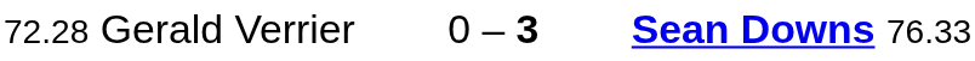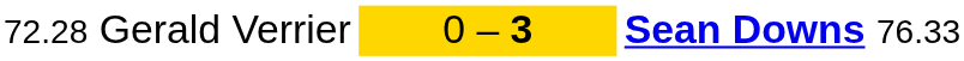 <table style="text-align:center">
 <tr>
 <th width=223></th>
 <th width=100></th>
 <th width=223></th>
 </tr>
 <tr>
 <td align=right><small>72.28</small> Gerald Verrier </td>
-<td>0 – <strong>3</strong></td>
+<td style="background: gold;">0 – <strong>3</strong></td>
 <td align=left> <strong><a href='#'>Sean Downs</a></strong> <small>76.33</small></td>
 </tr>
 </table>
